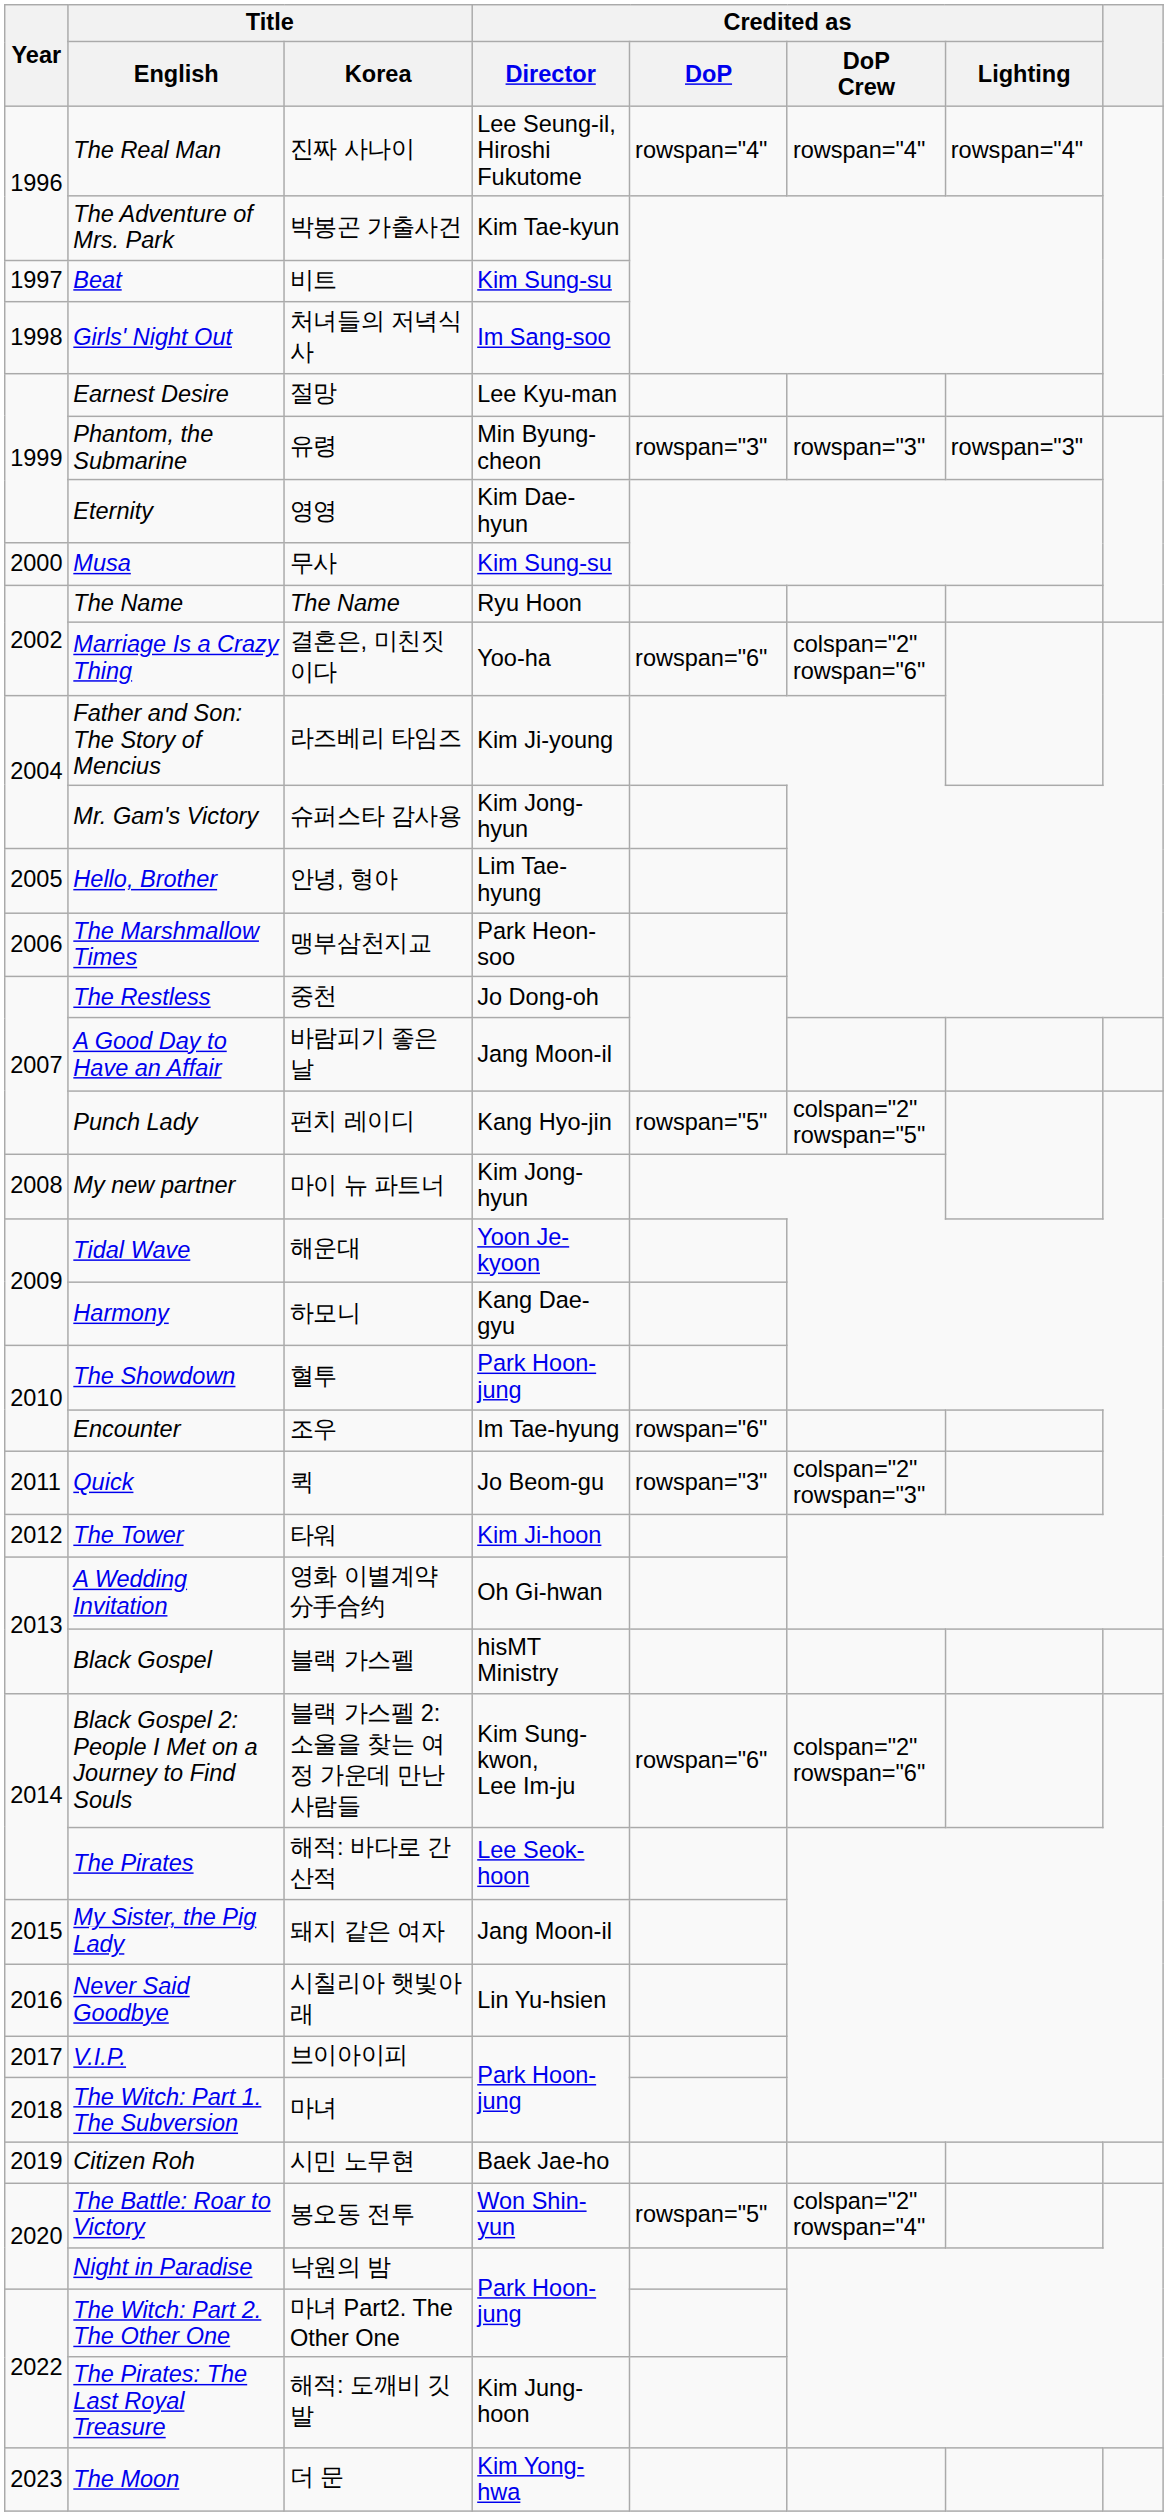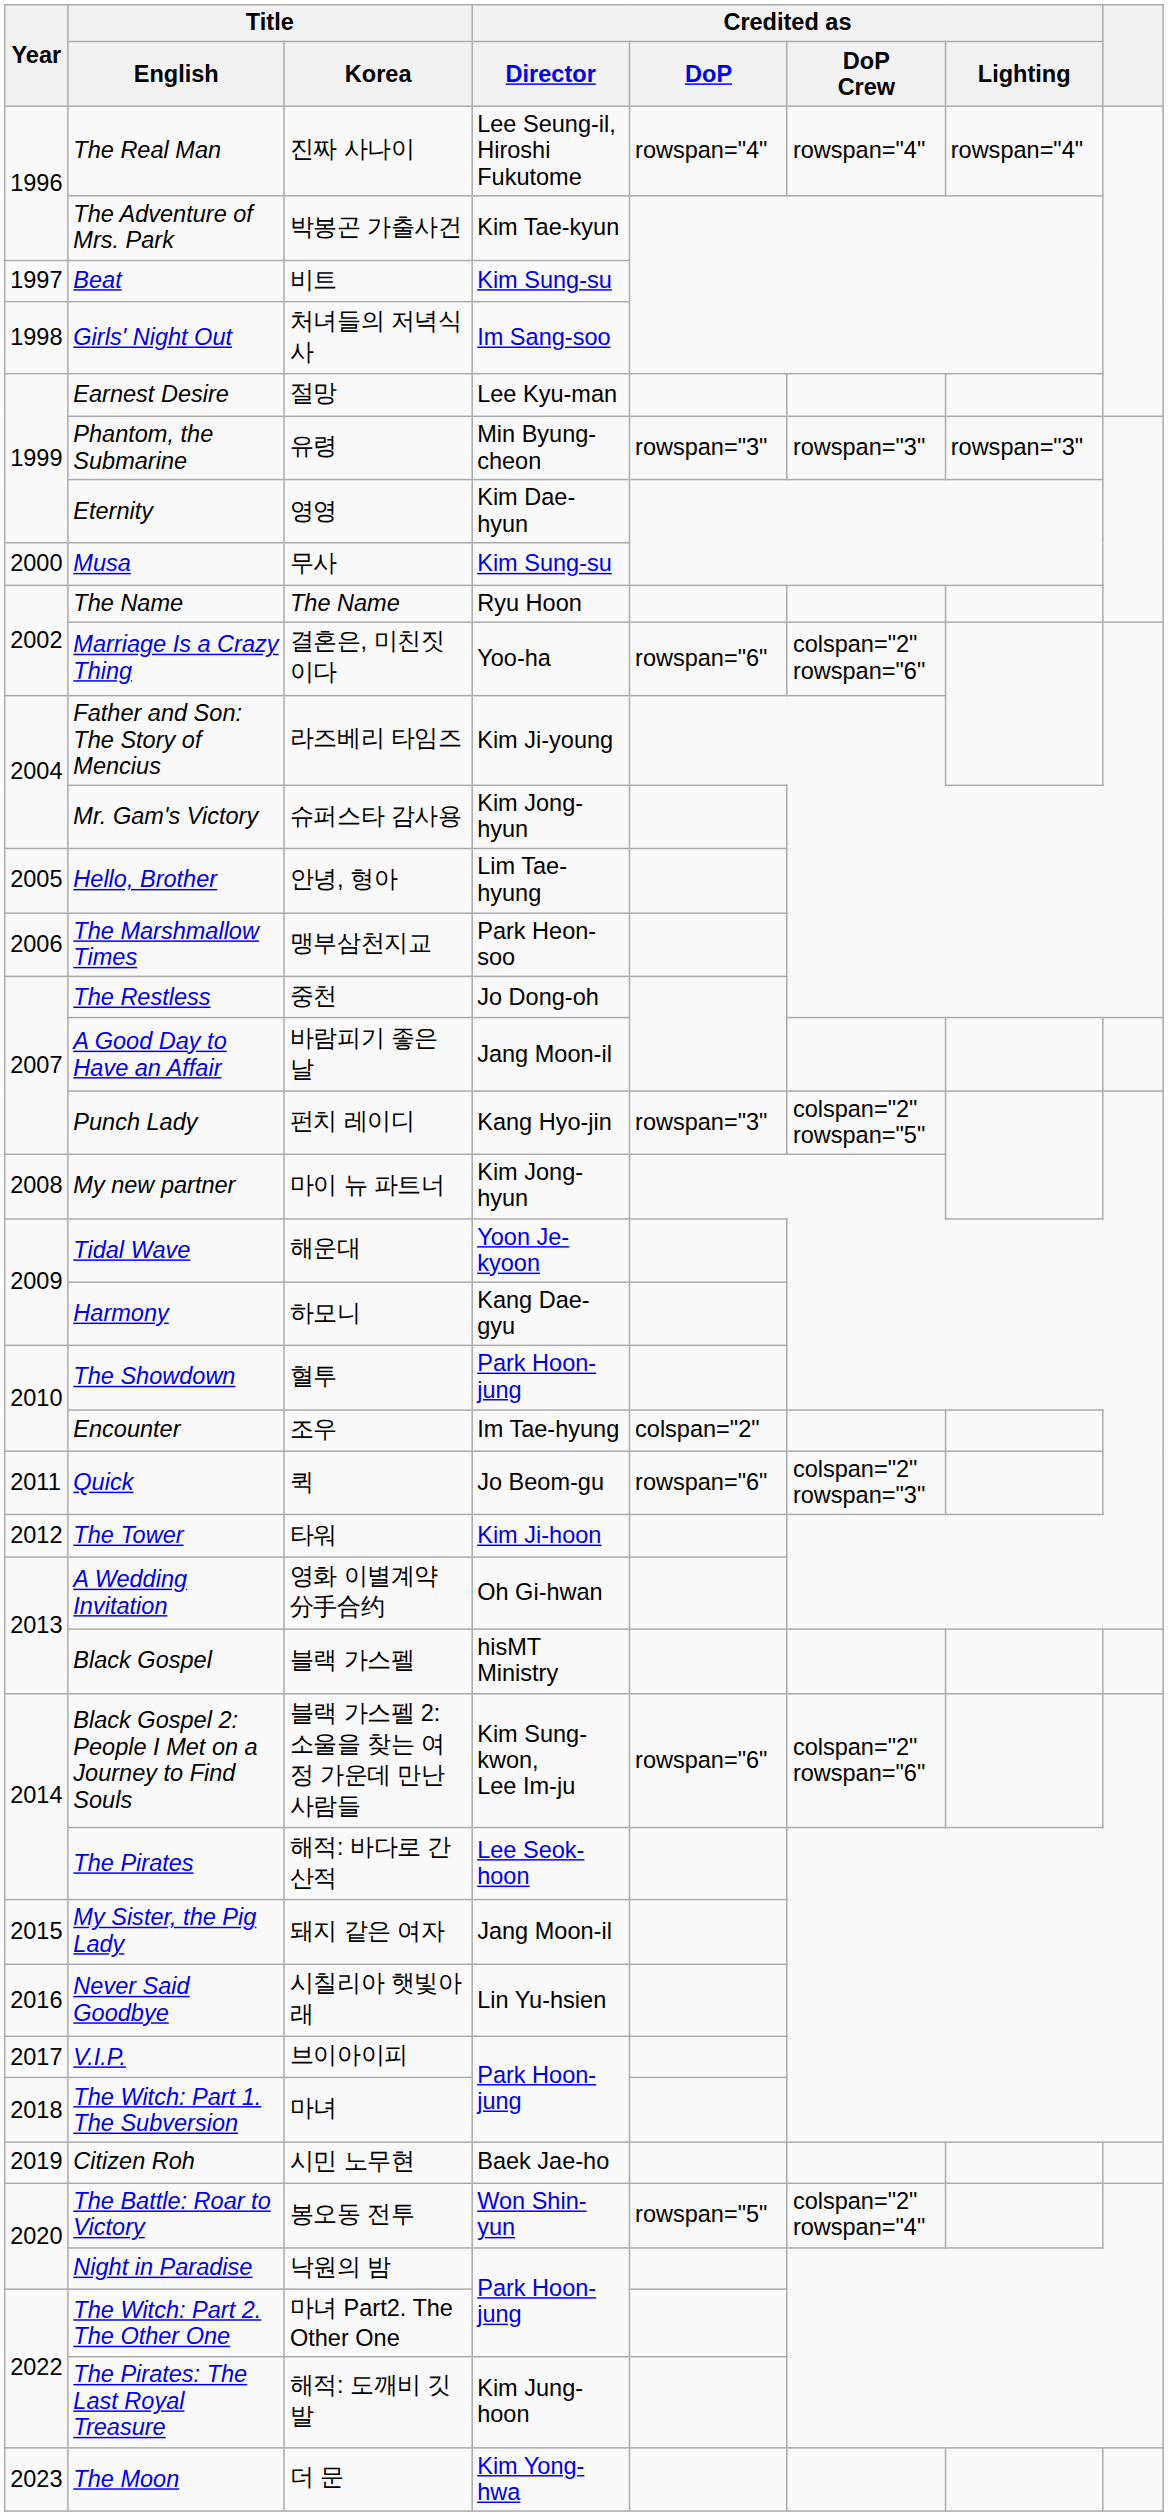 <table class="wikitable sortable plainrowheaders">
 <tr>
 <th scope="col" rowspan="2" width="33">Year</th>
 <th scope="col" colspan="2">Title</th>
 <th colspan="4" scope="col">Credited as</th>
 <th scope="col" rowspan="2" class="unsortable" width="33"></th>
 </tr>
 <tr>
 <th width="140">English</th>
 <th width="120">Korea</th>
 <th width="100"><a href='#'>Director</a></th>
 <th width="100"><a href='#'>DoP</a></th>
 <th width="100">DoP<br>Crew</th>
 <th width="100">Lighting</th>
 </tr>
 <tr>
 <td rowspan="2">1996</td>
 <td><em>The Real Man</em></td>
 <td>진짜 사나이</td>
 <td>Lee Seung-il,<br>Hiroshi Fukutome</td>
 <td>rowspan="4" </td>
 <td>rowspan="4" </td>
 <td>rowspan="4" </td>
 <td rowspan="5"></td>
 </tr>
 <tr>
 <td><em>The Adventure of Mrs. Park</em></td>
 <td>박봉곤 가출사건</td>
 <td>Kim Tae-kyun</td>
 </tr>
 <tr>
 <td>1997</td>
 <td><em><a href='#'>Beat</a></em></td>
 <td>비트</td>
 <td><a href='#'>Kim Sung-su</a></td>
 </tr>
 <tr>
 <td>1998</td>
 <td><em><a href='#'>Girls' Night Out</a></em></td>
 <td>처녀들의 저녁식사</td>
 <td><a href='#'>Im Sang-soo</a></td>
 </tr>
 <tr>
 <td rowspan="3">1999</td>
 <td><em>Earnest Desire</em></td>
 <td>절망</td>
 <td>Lee Kyu-man</td>
 <td></td>
 <td></td>
 <td></td>
 </tr>
 <tr>
 <td><em>Phantom, the Submarine</em></td>
 <td>유령</td>
 <td>Min Byung-cheon</td>
 <td>rowspan="3" </td>
 <td>rowspan="3" </td>
 <td>rowspan="3" </td>
 <td rowspan="4"></td>
 </tr>
 <tr>
 <td><em>Eternity</em></td>
 <td>영영</td>
 <td>Kim Dae-hyun</td>
 </tr>
 <tr>
 <td>2000</td>
 <td><em><a href='#'>Musa</a></em></td>
 <td>무사</td>
 <td><a href='#'>Kim Sung-su</a></td>
 </tr>
 <tr>
 <td rowspan="2">2002</td>
 <td><em>The Name</em></td>
 <td><em>The Name</em></td>
 <td>Ryu Hoon</td>
 <td></td>
 <td></td>
 <td></td>
 </tr>
 <tr>
 <td><em><a href='#'>Marriage Is a Crazy Thing</a></em></td>
 <td>결혼은, 미친짓이다</td>
 <td>Yoo-ha</td>
 <td>rowspan="6" </td>
 <td>colspan="2" rowspan="6" </td>
 <td rowspan="2"></td>
 </tr>
 <tr>
 <td rowspan="2">2004</td>
 <td><em>Father and Son: The Story of Mencius</em></td>
 <td>라즈베리 타임즈</td>
 <td>Kim Ji-young</td>
 </tr>
 <tr>
 <td><em>Mr. Gam's Victory</em></td>
 <td>슈퍼스타 감사용</td>
 <td>Kim Jong-hyun</td>
 <td></td>
 </tr>
 <tr>
 <td>2005</td>
 <td><em><a href='#'>Hello, Brother</a></em></td>
 <td>안녕, 형아</td>
 <td>Lim Tae-hyung</td>
 <td></td>
 </tr>
 <tr>
 <td>2006</td>
 <td><em><a href='#'>The Marshmallow Times</a></em></td>
 <td>맹부삼천지교</td>
 <td>Park Heon-soo</td>
 <td></td>
 </tr>
 <tr>
 <td rowspan="3">2007</td>
 <td><em><a href='#'>The Restless</a></em></td>
 <td>중천</td>
 <td>Jo Dong-oh</td>
 <td rowspan="2"></td>
 </tr>
 <tr>
 <td><em><a href='#'>A Good Day to Have an Affair</a></em></td>
 <td>바람피기 좋은 날</td>
 <td>Jang Moon-il</td>
 <td></td>
 <td></td>
 <td></td>
 </tr>
 <tr>
 <td><em>Punch Lady</em></td>
 <td>펀치 레이디</td>
 <td>Kang Hyo-jin</td>
-<td>rowspan="5" </td>
+<td>rowspan="3" </td>
 <td>colspan="2" rowspan="5" </td>
 <td rowspan="2"></td>
 </tr>
 <tr>
 <td>2008</td>
 <td><em>My new partner</em></td>
 <td>마이 뉴 파트너</td>
 <td>Kim Jong-hyun</td>
 </tr>
 <tr>
 <td rowspan="2">2009</td>
 <td><em><a href='#'>Tidal Wave</a></em></td>
 <td>해운대</td>
 <td><a href='#'>Yoon Je-kyoon</a></td>
 <td></td>
 </tr>
 <tr>
 <td><em><a href='#'>Harmony</a></em></td>
 <td>하모니</td>
 <td>Kang Dae-gyu</td>
 <td></td>
 </tr>
 <tr>
 <td rowspan="2">2010</td>
 <td><em><a href='#'>The Showdown</a></em></td>
 <td>혈투</td>
 <td><a href='#'>Park Hoon-jung</a></td>
 <td></td>
 </tr>
 <tr>
 <td><em>Encounter</em></td>
 <td>조우</td>
 <td>Im Tae-hyung</td>
-<td>rowspan="6" </td>
+<td>colspan="2" </td>
 <td></td>
 <td></td>
 </tr>
 <tr>
 <td>2011</td>
 <td><em><a href='#'>Quick</a></em></td>
 <td>퀵</td>
 <td>Jo Beom-gu</td>
-<td>rowspan="3" </td>
+<td>rowspan="6" </td>
 <td>colspan="2" rowspan="3" </td>
 <td></td>
 </tr>
 <tr>
 <td>2012</td>
 <td><em><a href='#'>The Tower</a></em></td>
 <td>타워</td>
 <td><a href='#'>Kim Ji-hoon</a></td>
 <td></td>
 </tr>
 <tr>
 <td rowspan="2">2013</td>
 <td><em><a href='#'>A Wedding Invitation</a></em></td>
 <td>영화 이별계약<br>分手合约</td>
 <td>Oh Gi-hwan</td>
 <td></td>
 </tr>
 <tr>
 <td><em>Black Gospel</em></td>
 <td>블랙 가스펠</td>
 <td>hisMT Ministry</td>
 <td></td>
 <td></td>
 <td></td>
 <td></td>
 </tr>
 <tr>
 <td rowspan="2">2014</td>
 <td><em>Black Gospel 2: People I Met on a Journey to Find Souls</em></td>
 <td>블랙 가스펠 2: 소울을 찾는 여정 가운데 만난 사람들</td>
 <td>Kim Sung-kwon,<br>Lee Im-ju</td>
 <td>rowspan="6" </td>
 <td>colspan="2" rowspan="6" </td>
 <td></td>
 </tr>
 <tr>
 <td><em><a href='#'>The Pirates</a></em></td>
 <td>해적: 바다로 간 산적</td>
 <td><a href='#'>Lee Seok-hoon</a></td>
 <td></td>
 </tr>
 <tr>
 <td>2015</td>
 <td><em><a href='#'>My Sister, the Pig Lady</a></em></td>
 <td>돼지 같은 여자</td>
 <td>Jang Moon-il</td>
 <td></td>
 </tr>
 <tr>
 <td>2016</td>
 <td><em><a href='#'>Never Said Goodbye</a></em></td>
 <td>시칠리아 햇빛아래</td>
 <td>Lin Yu-hsien</td>
 <td></td>
 </tr>
 <tr>
 <td>2017</td>
 <td><em><a href='#'>V.I.P.</a></em></td>
 <td>브이아이피</td>
 <td rowspan="2"><a href='#'>Park Hoon-jung</a></td>
 <td></td>
 </tr>
 <tr>
 <td>2018</td>
 <td><em><a href='#'>The Witch: Part 1. The Subversion</a></em></td>
 <td>마녀</td>
 <td></td>
 </tr>
 <tr>
 <td>2019</td>
 <td><em>Citizen Roh</em></td>
 <td>시민 노무현</td>
 <td>Baek Jae-ho</td>
 <td></td>
 <td></td>
 <td></td>
 <td></td>
 </tr>
 <tr>
 <td rowspan="2">2020</td>
 <td><em><a href='#'>The Battle: Roar to Victory</a></em></td>
 <td>봉오동 전투</td>
 <td><a href='#'>Won Shin-yun</a></td>
 <td>rowspan="5" </td>
 <td>colspan="2" rowspan="4" </td>
 <td></td>
 </tr>
 <tr>
 <td><em><a href='#'>Night in Paradise</a></em></td>
 <td>낙원의 밤</td>
 <td rowspan="2"><a href='#'>Park Hoon-jung</a></td>
 <td></td>
 </tr>
 <tr>
 <td rowspan="2">2022</td>
 <td><em><a href='#'>The Witch: Part 2. The Other One</a></em></td>
 <td>마녀 Part2. The Other One</td>
 <td></td>
 </tr>
 <tr>
 <td><em><a href='#'>The Pirates: The Last Royal Treasure</a></em></td>
 <td>해적: 도깨비 깃발</td>
 <td>Kim Jung-hoon</td>
 <td></td>
 </tr>
 <tr>
 <td>2023</td>
 <td><em><a href='#'>The Moon</a></em></td>
 <td>더 문</td>
 <td><a href='#'>Kim Yong-hwa</a></td>
 <td></td>
 <td></td>
 <td></td>
 <td></td>
 </tr>
 </table>
